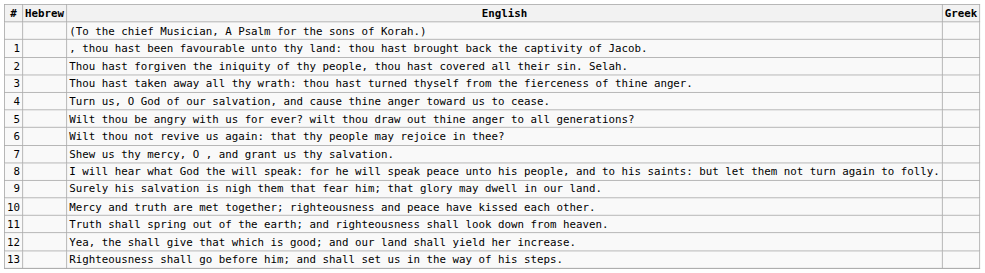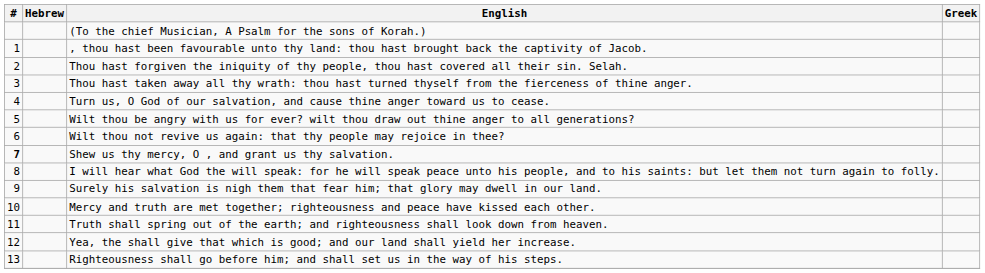 <table class=wikitable>
 <tr>
 <th>#</th>
 <th>Hebrew</th>
 <th>English</th>
 <th>Greek</th>
 </tr>
 <tr>
 <td style="text-align:right"></td>
 <td style="text-align:right"></td>
 <td>(To the chief Musician, A Psalm for the sons of Korah.)</td>
 <td></td>
 </tr>
 <tr>
 <td style="text-align:right">1</td>
 <td style="text-align:right"></td>
 <td>, thou hast been favourable unto thy land: thou hast brought back the captivity of Jacob.</td>
 <td></td>
 </tr>
 <tr>
 <td style="text-align:right">2</td>
 <td style="text-align:right"></td>
 <td>Thou hast forgiven the iniquity of thy people, thou hast covered all their sin. Selah.</td>
 <td></td>
 </tr>
 <tr>
 <td style="text-align:right">3</td>
 <td style="text-align:right"></td>
 <td>Thou hast taken away all thy wrath: thou hast turned thyself from the fierceness of thine anger.</td>
 <td></td>
 </tr>
 <tr>
 <td style="text-align:right">4</td>
 <td style="text-align:right"></td>
 <td>Turn us, O God of our salvation, and cause thine anger toward us to cease.</td>
 <td></td>
 </tr>
 <tr>
 <td style="text-align:right">5</td>
 <td style="text-align:right"></td>
 <td>Wilt thou be angry with us for ever? wilt thou draw out thine anger to all generations?</td>
 <td></td>
 </tr>
 <tr>
 <td style="text-align:right">6</td>
 <td style="text-align:right"></td>
 <td>Wilt thou not revive us again: that thy people may rejoice in thee?</td>
 <td></td>
 </tr>
 <tr>
-<td style="text-align:right">7</td>
+<td style="text-align:right"><strong>7</strong></td>
 <td style="text-align:right"></td>
 <td>Shew us thy mercy, O , and grant us thy salvation.</td>
 <td></td>
 </tr>
 <tr>
 <td style="text-align:right">8</td>
 <td style="text-align:right"></td>
 <td>I will hear what God the  will speak: for he will speak peace unto his people, and to his saints: but let them not turn again to folly.</td>
 <td></td>
 </tr>
 <tr>
 <td style="text-align:right">9</td>
 <td style="text-align:right"></td>
 <td>Surely his salvation is nigh them that fear him; that glory may dwell in our land. </td>
 <td></td>
 </tr>
 <tr>
 <td style="text-align:right">10</td>
 <td style="text-align:right"></td>
 <td>Mercy and truth are met together; righteousness and peace have kissed each other.</td>
 <td></td>
 </tr>
 <tr>
 <td style="text-align:right">11</td>
 <td style="text-align:right"></td>
 <td>Truth shall spring out of the earth; and righteousness shall look down from heaven.</td>
 <td></td>
 </tr>
 <tr>
 <td style="text-align:right">12</td>
 <td style="text-align:right"></td>
 <td>Yea, the  shall give that which is good; and our land shall yield her increase.</td>
 <td></td>
 </tr>
 <tr>
 <td style="text-align:right">13</td>
 <td style="text-align:right"></td>
 <td>Righteousness shall go before him; and shall set us in the way of his steps.</td>
 <td></td>
 </tr>
 <tr>
 </tr>
 </table>
